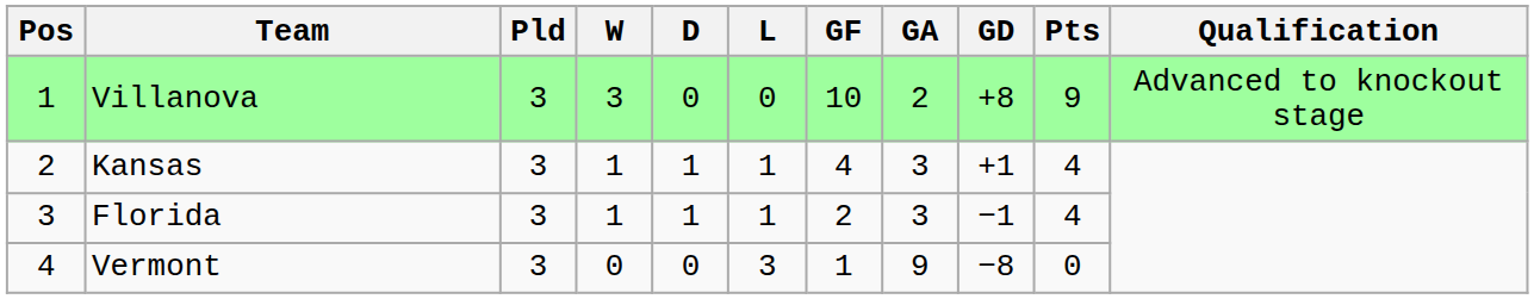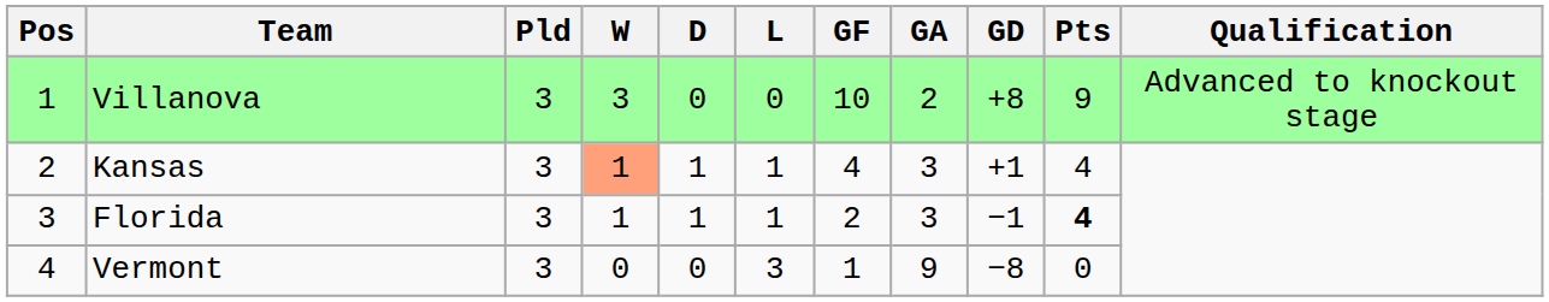 <table class="wikitable" style="text-align:center; margin: 1em auto">
 <tr>
 <th style="width:2em">Pos</th>
 <th style="width:13em">Team</th>
 <th style="width:2em">Pld</th>
 <th style="width:2em">W</th>
 <th style="width:2em">D</th>
 <th style="width:2em">L</th>
 <th style="width:2em">GF</th>
 <th style="width:2em">GA</th>
 <th style="width:2em">GD</th>
 <th style="width:2em">Pts</th>
 <th style="width:13em">Qualification</th>
 </tr>
 <tr bgcolor="#9eff9e">
 <td>1</td>
 <td style="text-align:left">Villanova</td>
 <td>3</td>
 <td>3</td>
 <td>0</td>
 <td>0</td>
 <td>10</td>
 <td>2</td>
 <td>+8</td>
 <td>9</td>
 <td>Advanced to knockout stage</td>
 </tr>
 <tr>
 <td>2</td>
 <td style="text-align:left">Kansas</td>
 <td>3</td>
-<td>1</td>
+<td style="background: lightsalmon;">1</td>
 <td>1</td>
 <td>1</td>
 <td>4</td>
 <td>3</td>
 <td>+1</td>
 <td>4</td>
 <td rowspan="3"></td>
 </tr>
 <tr>
 <td>3</td>
 <td style="text-align:left">Florida</td>
 <td>3</td>
 <td>1</td>
 <td>1</td>
 <td>1</td>
 <td>2</td>
 <td>3</td>
 <td>−1</td>
-<td>4</td>
+<td><strong>4</strong></td>
 </tr>
 <tr>
 <td>4</td>
 <td style="text-align:left">Vermont</td>
 <td>3</td>
 <td>0</td>
 <td>0</td>
 <td>3</td>
 <td>1</td>
 <td>9</td>
 <td>−8</td>
 <td>0</td>
 </tr>
 </table>
